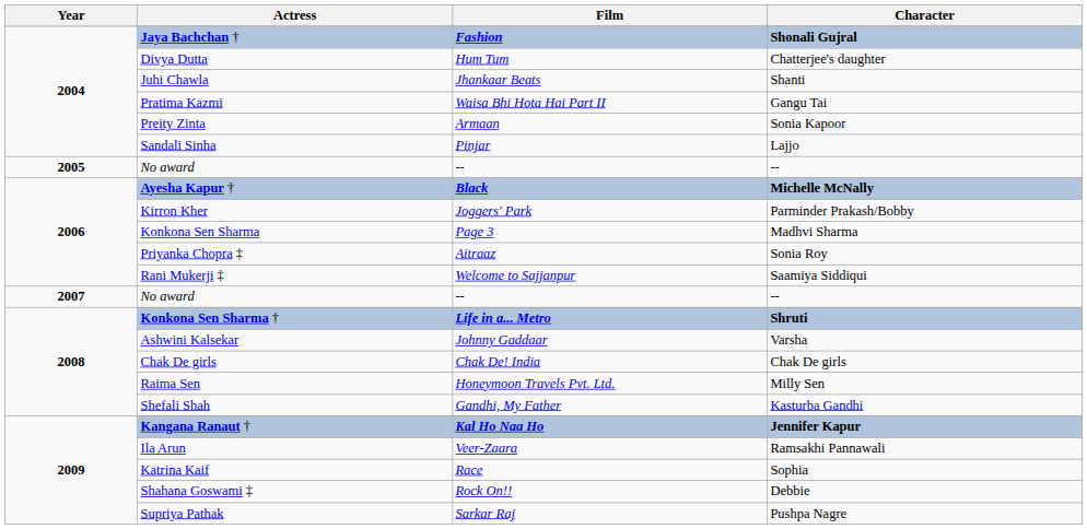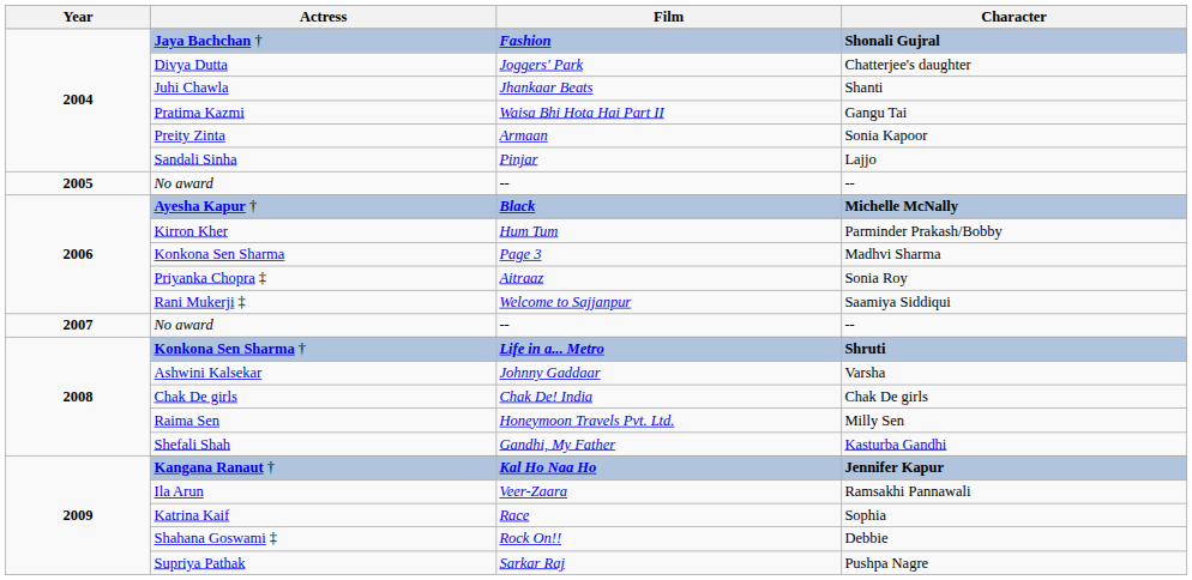 <table class="wikitable" style="width:100%">
 <tr bgcolor="#bebebe">
 <th width="8%">Year</th>
 <th width="19%">Actress</th>
 <th width="19%">Film</th>
 <th width="19%">Character</th>
 </tr>
 <tr>
 <td rowspan=7 style="text-align:center"><strong>2004</strong></td>
 </tr>
 <tr style="background:#B0C4DE;">
 <td><strong><a href='#'>Jaya Bachchan</a></strong> †</td>
 <td><strong><em><a href='#'>Fashion</a></em></strong></td>
 <td><strong>Shonali Gujral</strong></td>
 </tr>
 <tr>
 <td><a href='#'>Divya Dutta</a></td>
-<td><em><a href='#'>Hum Tum</a></em></td>
+<td><em><a href='#'>Joggers' Park</a></em></td>
 <td>Chatterjee's daughter</td>
 </tr>
 <tr>
 <td><a href='#'>Juhi Chawla</a></td>
 <td><em><a href='#'>Jhankaar Beats</a></em></td>
 <td>Shanti</td>
 </tr>
 <tr>
 <td><a href='#'>Pratima Kazmi</a></td>
 <td><em><a href='#'>Waisa Bhi Hota Hai Part II</a></em></td>
 <td>Gangu Tai</td>
 </tr>
 <tr>
 <td><a href='#'>Preity Zinta</a></td>
 <td><em><a href='#'>Armaan</a></em></td>
 <td>Sonia Kapoor</td>
 </tr>
 <tr>
 <td><a href='#'>Sandali Sinha</a></td>
 <td><em><a href='#'>Pinjar</a></em></td>
 <td>Lajjo</td>
 </tr>
 <tr>
 <td rowspan=1 style="text-align:center"><strong>2005</strong></td>
 <td><em>No award</em></td>
 <td>--</td>
 <td>--</td>
 </tr>
 <tr>
 <td rowspan=6 style="text-align:center"><strong>2006</strong></td>
 </tr>
 <tr style="background:#B0C4DE;">
 <td><strong><a href='#'>Ayesha Kapur</a></strong> †</td>
 <td><strong><em><a href='#'>Black</a></em></strong></td>
 <td><strong>Michelle McNally</strong></td>
 </tr>
 <tr>
 <td><a href='#'>Kirron Kher</a></td>
-<td><em><a href='#'>Joggers' Park</a></em></td>
+<td><em><a href='#'>Hum Tum</a></em></td>
 <td>Parminder Prakash/Bobby</td>
 </tr>
 <tr>
 <td><a href='#'>Konkona Sen Sharma</a></td>
 <td><em><a href='#'>Page 3</a></em></td>
 <td>Madhvi Sharma</td>
 </tr>
 <tr>
 <td><a href='#'>Priyanka Chopra</a> ‡</td>
 <td><em><a href='#'>Aitraaz</a></em></td>
 <td>Sonia Roy</td>
 </tr>
 <tr>
 <td><a href='#'>Rani Mukerji</a> ‡</td>
 <td><em><a href='#'>Welcome to Sajjanpur</a></em></td>
 <td>Saamiya Siddiqui</td>
 </tr>
 <tr>
 <td rowspan=1 style="text-align:center"><strong>2007</strong></td>
 <td><em>No award</em></td>
 <td>--</td>
 <td>--</td>
 </tr>
 <tr>
 <td rowspan=6 style="text-align:center"><strong>2008</strong></td>
 </tr>
 <tr style="background:#B0C4DE;">
 <td><strong><a href='#'>Konkona Sen Sharma</a></strong> †</td>
 <td><strong><em><a href='#'>Life in a... Metro</a></em></strong></td>
 <td><strong>Shruti</strong></td>
 </tr>
 <tr>
 <td><a href='#'>Ashwini Kalsekar</a></td>
 <td><em><a href='#'>Johnny Gaddaar</a></em></td>
 <td>Varsha</td>
 </tr>
 <tr>
 <td><a href='#'>Chak De girls</a></td>
 <td><em><a href='#'>Chak De! India</a></em></td>
 <td>Chak De girls</td>
 </tr>
 <tr>
 <td><a href='#'>Raima Sen</a></td>
 <td><em><a href='#'>Honeymoon Travels Pvt. Ltd.</a></em></td>
 <td>Milly Sen</td>
 </tr>
 <tr>
 <td><a href='#'>Shefali Shah</a></td>
 <td><em><a href='#'>Gandhi, My Father</a></em></td>
 <td><a href='#'>Kasturba Gandhi</a></td>
 </tr>
 <tr>
 <td rowspan=6 style="text-align:center"><strong>2009</strong></td>
 </tr>
 <tr style="background:#B0C4DE;">
 <td><strong><a href='#'>Kangana Ranaut</a></strong> †</td>
 <td><strong><em><a href='#'>Kal Ho Naa Ho</a></em></strong></td>
 <td><strong>Jennifer Kapur</strong></td>
 </tr>
 <tr>
 <td><a href='#'>Ila Arun</a></td>
 <td><em><a href='#'>Veer-Zaara</a></em></td>
 <td>Ramsakhi Pannawali</td>
 </tr>
 <tr>
 <td><a href='#'>Katrina Kaif</a></td>
 <td><em><a href='#'>Race</a></em></td>
 <td>Sophia</td>
 </tr>
 <tr>
 <td><a href='#'>Shahana Goswami</a> ‡</td>
 <td><em><a href='#'>Rock On!!</a></em></td>
 <td>Debbie</td>
 </tr>
 <tr>
 <td><a href='#'>Supriya Pathak</a></td>
 <td><em><a href='#'>Sarkar Raj</a></em></td>
 <td>Pushpa Nagre</td>
 </tr>
 </table>
